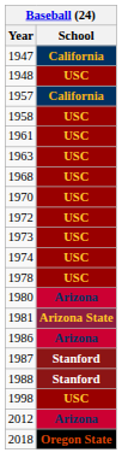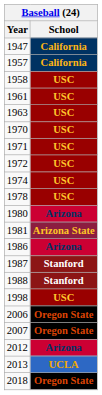 <table class="wikitable">
 <tr>
 <th colspan=2><a href='#'>Baseball</a> (24)</th>
 </tr>
 <tr>
 <th>Year</th>
 <th>School</th>
 </tr>
 <tr>
 <td>1947</td>
 <th style="background:#003262; color:#FDB515;">California</th>
-</tr>
-<tr>
-<td>1948</td>
-<th style="background:#990000; color:#FFC72C;">USC</th>
 </tr>
 <tr>
 <td>1957</td>
 <th style="background:#003262; color:#FDB515;">California</th>
 </tr>
 <tr>
 <td>1958</td>
 <th style="background:#990000; color:#FFC72C;">USC</th>
 </tr>
 <tr>
 <td>1961</td>
 <th style="background:#990000; color:#FFC72C;">USC</th>
 </tr>
 <tr>
 <td>1963</td>
 <th style="background:#990000; color:#FFC72C;">USC</th>
 </tr>
 <tr>
-<td>1968</td>
-<th style="background:#990000; color:#FFC72C;">USC</th>
-</tr>
-<tr>
 <td>1970</td>
 <th style="background:#990000; color:#FFC72C;">USC</th>
 </tr>
 <tr>
-<td>1972</td>
+<td>1971</td>
 <th style="background:#990000; color:#FFC72C;">USC</th>
 </tr>
 <tr>
-<td>1973</td>
+<td>1972</td>
 <th style="background:#990000; color:#FFC72C;">USC</th>
 </tr>
 <tr>
 <td>1974</td>
 <th style="background:#990000; color:#FFC72C;">USC</th>
 </tr>
 <tr>
 <td>1978</td>
 <th style="background:#990000; color:#FFC72C;">USC</th>
 </tr>
 <tr>
 <td>1980</td>
 <th style="background:#CC0033; color:#003366;">Arizona</th>
 </tr>
 <tr>
 <td>1981</td>
 <th style="background:#8C1D40; color:#FFC627;">Arizona State</th>
 </tr>
 <tr>
 <td>1986</td>
 <th style="background:#CC0033; color:#003366;">Arizona</th>
 </tr>
 <tr>
 <td>1987</td>
 <th style="background:#8C1515; color:#FFFFFF;">Stanford</th>
 </tr>
 <tr>
 <td>1988</td>
 <th style="background:#8C1515; color:#FFFFFF;">Stanford</th>
 </tr>
 <tr>
 <td>1998</td>
 <th style="background:#990000; color:#FFC72C;">USC</th>
 </tr>
 <tr>
+<td>2006</td>
+<th style="background:#000000; color:#DC4405;">Oregon State</th>
+</tr>
+<tr>
+<td>2007</td>
+<th style="background:#000000; color:#DC4405;">Oregon State</th>
+</tr>
+<tr>
 <td>2012</td>
 <th style="background:#CC0033; color:#003366;">Arizona</th>
+</tr>
+<tr>
+<td>2013</td>
+<th style="background:#2D68C4; color:#F2A900;">UCLA</th>
 </tr>
 <tr>
 <td>2018</td>
 <th style="background:#000000; color:#DC4405;">Oregon State</th>
 </tr>
 </table>
